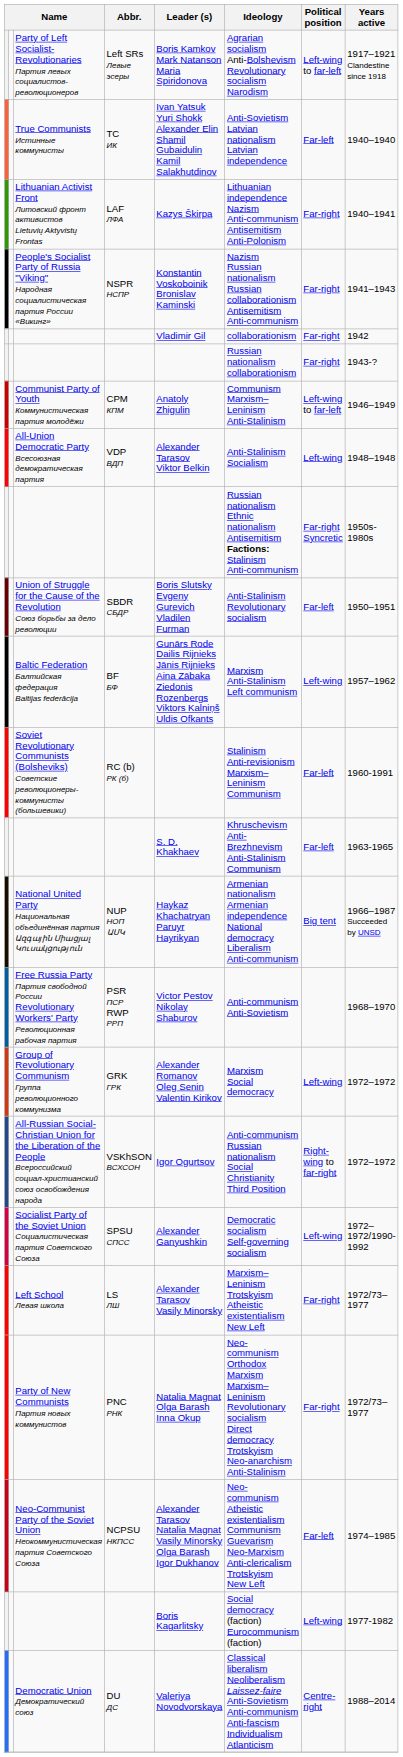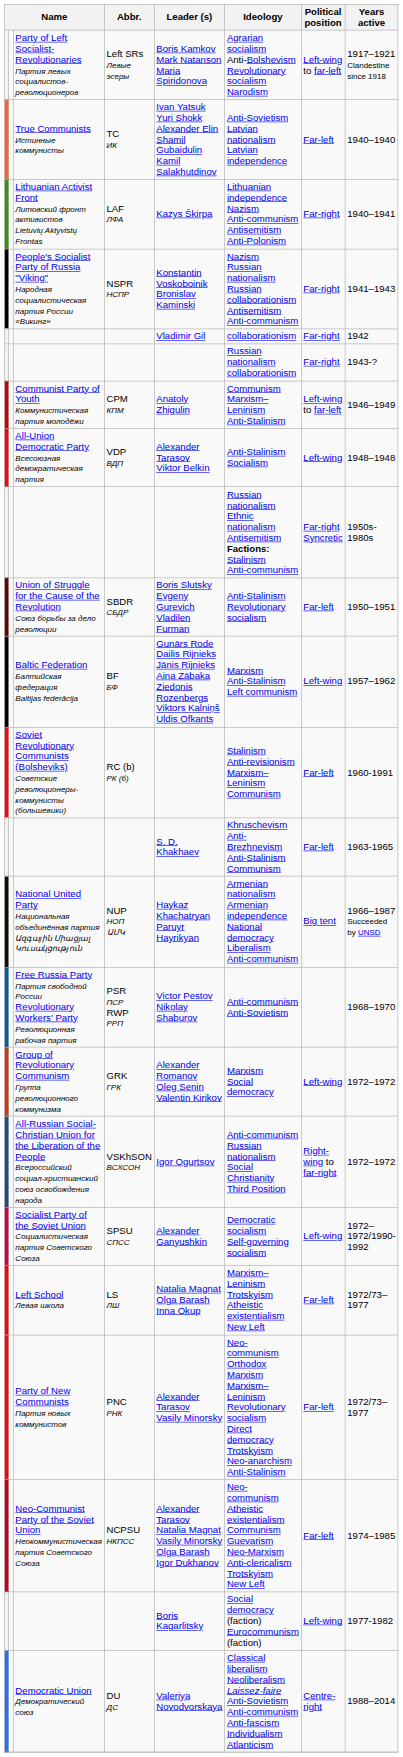 <table class="wikitable sortable">
 <tr>
 <th colspan=3>Name</th>
 <th>Abbr.</th>
 <th>Leader (s)</th>
 <th>Ideology</th>
 <th>Political position</th>
 <th>Years active</th>
 </tr>
 <tr>
 <th style="background:"></th>
 <td></td>
 <td><a href='#'>Party of Left Socialist-Revolutionaries</a><br><small><em>Партия левых социалистов-революционеров</em></small></td>
 <td>Left SRs<br><small><em>Левые эсеры</em></small></td>
 <td><a href='#'>Boris Kamkov</a><br><a href='#'>Mark Natanson</a><br><a href='#'>Maria Spiridonova</a></td>
 <td><a href='#'>Agrarian socialism</a><br>Anti-<a href='#'>Bolshevism</a><br><a href='#'>Revolutionary socialism</a><br><a href='#'>Narodism</a></td>
 <td><a href='#'>Left-wing</a> to <a href='#'>far-left</a></td>
 <td>1917–1921<br><small>Clandestine since 1918</small></td>
 </tr>
 <tr>
 <th style="background:#FB6239;"></th>
 <td></td>
 <td><a href='#'>True Communists</a><br><small><em>Истинные коммунисты</em></small></td>
 <td>TC<br><small><em>ИК</em></small></td>
 <td><a href='#'>Ivan Yatsuk</a><br><a href='#'>Yuri Shokk</a><br><a href='#'>Alexander Elin</a><br><a href='#'>Shamil Gubaidulin</a><br><a href='#'>Kamil Salakhutdinov</a></td>
 <td><a href='#'>Anti-Sovietism</a><br><a href='#'>Latvian</a> <a href='#'>nationalism</a><br><a href='#'>Latvian independence</a></td>
 <td><a href='#'>Far-left</a></td>
 <td>1940–1940</td>
 </tr>
 <tr>
 <th style="background:#309805;"></th>
 <td></td>
 <td><a href='#'>Lithuanian Activist Front</a><br><small><em>Литовский фронт активистов<br>Lietuvių Aktyvistų Frontas</em></small></td>
 <td>LAF<br><small><em>ЛФА</em></small></td>
 <td><a href='#'>Kazys Škirpa</a></td>
 <td><a href='#'>Lithuanian</a> <a href='#'>independence</a><br><a href='#'>Nazism</a><br><a href='#'>Anti-communism</a><br><a href='#'>Antisemitism</a><br><a href='#'>Anti-Polonism</a></td>
 <td><a href='#'>Far-right</a></td>
 <td>1940–1941</td>
 </tr>
 <tr>
 <th style="background:#000000;"></th>
 <td></td>
 <td><a href='#'>People's Socialist Party of Russia "Viking"</a><br><small><em>Народная социалистическая партия России «Викинг»</em></small></td>
 <td>NSPR<br><small><em>НСПР</em></small></td>
 <td><a href='#'>Konstantin Voskoboinik</a><br><a href='#'>Bronislav Kaminski</a></td>
 <td><a href='#'>Nazism</a><br><a href='#'>Russian nationalism</a><br><a href='#'>Russian collaborationism</a><br><a href='#'>Antisemitism</a><br><a href='#'>Anti-communism</a></td>
 <td><a href='#'>Far-right</a></td>
 <td>1941–1943</td>
 </tr>
 <tr>
 <th></th>
 <td></td>
 <td></td>
 <td></td>
 <td><a href='#'>Vladimir Gil</a></td>
 <td><a href='#'>collaborationism</a></td>
 <td><a href='#'>Far-right</a></td>
 <td>1942</td>
 </tr>
 <tr>
 <th></th>
 <td></td>
 <td></td>
 <td></td>
 <td></td>
 <td><a href='#'>Russian nationalism</a> <a href='#'>collaborationism</a></td>
 <td><a href='#'>Far-right</a></td>
 <td>1943-?</td>
 </tr>
 <tr>
 <th style="background:#CC0000;"></th>
 <td></td>
 <td><a href='#'>Communist Party of Youth</a><br><small><em>Коммунистическая партия молодёжи</em></small></td>
 <td>CPM<br><small><em>КПМ</em></small></td>
 <td><a href='#'>Anatoly Zhigulin</a></td>
 <td><a href='#'>Communism</a><br><a href='#'>Marxism–Leninism</a><br><a href='#'>Anti-Stalinism</a></td>
 <td><a href='#'>Left-wing</a> to <a href='#'>far-left</a></td>
 <td>1946–1949</td>
 </tr>
 <tr>
 <th style="background:#FF0004;"></th>
 <td></td>
 <td><a href='#'>All-Union Democratic Party</a><br><small><em>Всесоюзная демократическая партия</em></small></td>
 <td>VDP<br><small><em>ВДП</em></small></td>
 <td><a href='#'>Alexander Tarasov</a><br><a href='#'>Viktor Belkin</a></td>
 <td><a href='#'>Anti-Stalinism</a><br><a href='#'>Socialism</a></td>
 <td><a href='#'>Left-wing</a></td>
 <td>1948–1948</td>
 </tr>
 <tr>
 <th></th>
 <td></td>
 <td></td>
 <td></td>
 <td></td>
 <td><a href='#'>Russian nationalism</a><br><a href='#'>Ethnic nationalism</a><br><a href='#'>Antisemitism</a><br><strong>Factions:</strong><br><a href='#'>Stalinism</a><br><a href='#'>Anti-communism</a></td>
 <td><a href='#'>Far-right</a><br><a href='#'>Syncretic</a></td>
 <td>1950s-1980s</td>
 </tr>
 <tr>
 <th style="background:#660101;"></th>
 <td></td>
 <td><a href='#'>Union of Struggle for the Cause of the Revolution</a><br><small><em>Союз борьбы за дело революции</em></small></td>
 <td>SBDR<br><small><em>СБДР</em></small></td>
 <td><a href='#'>Boris Slutsky</a><br><a href='#'>Evgeny Gurevich</a><br><a href='#'>Vladilen Furman</a></td>
 <td><a href='#'>Anti-Stalinism</a><br><a href='#'>Revolutionary socialism</a></td>
 <td><a href='#'>Far-left</a></td>
 <td>1950–1951</td>
 </tr>
 <tr>
 <th style="background:#010101;"></th>
 <td></td>
 <td><a href='#'>Baltic Federation</a><br><small><em>Балтийская федерация<br>Baltijas federācija</em></small></td>
 <td>BF<br><small><em>БФ</em></small></td>
 <td><a href='#'>Gunārs Rode</a><br><a href='#'>Dailis Rijnieks</a><br><a href='#'>Jānis Rijnieks</a><br><a href='#'>Aina Zābaka</a><br><a href='#'>Ziedonis Rozenbergs</a><br><a href='#'>Viktors Kalniņš</a><br><a href='#'>Uldis Ofkants</a></td>
 <td><a href='#'>Marxism</a><br><a href='#'>Anti-Stalinism</a><br><a href='#'>Left communism</a></td>
 <td><a href='#'>Left-wing</a></td>
 <td>1957–1962</td>
 </tr>
 <tr>
 <th style="background:red;"></th>
 <td></td>
 <td><a href='#'>Soviet Revolutionary Communists (Bolsheviks)</a><br><small><em>Советские революционеры-коммунисты (большевики)</em></small></td>
 <td>RC (b)<br><small><em>РК (б)</em></small></td>
 <td></td>
 <td><a href='#'>Stalinism</a><br><a href='#'>Anti-revisionism</a><br><a href='#'>Marxism–Leninism</a><br><a href='#'>Communism</a></td>
 <td><a href='#'>Far-left</a></td>
 <td>1960-1991</td>
 </tr>
 <tr>
 <th></th>
 <td></td>
 <td> </td>
 <td></td>
 <td><a href='#'>S. D. Khakhaev</a><br></td>
 <td><a href='#'>Khruschevism</a><br><a href='#'>Anti-Brezhnevism</a><br><a href='#'>Anti-Stalinism</a><br><a href='#'>Communism</a></td>
 <td><a href='#'>Far-left</a></td>
 <td>1963-1965</td>
 </tr>
 <tr>
 <th style="background:#150D00;"></th>
 <td></td>
 <td><a href='#'>National United Party</a><br><small><em>Национальная объединённая партия<br>Ազգային Միացյալ Կուսակցություն</em></small></td>
 <td>NUP<br><small><em>НОП<br>ԱՄԿ</em></small></td>
 <td><a href='#'>Haykaz Khachatryan</a><br><a href='#'>Paruyr Hayrikyan</a></td>
 <td><a href='#'>Armenian nationalism</a><br><a href='#'>Armenian</a> <a href='#'>independence</a><br><a href='#'>National democracy</a><br><a href='#'>Liberalism</a><br><a href='#'>Anti-communism</a></td>
 <td><a href='#'>Big tent</a></td>
 <td>1966–1987<br><small>Succeeded by <a href='#'>UNSD</a></small></td>
 </tr>
 <tr>
 <th style="background:#005F9E;"></th>
 <td></td>
 <td><a href='#'>Free Russia Party</a><br><small><em>Партия свободной России</em></small><br><a href='#'>Revolutionary Workers' Party</a><br><small><em>Революционная рабочая партия</em></small></td>
 <td>PSR<br><small><em>ПСР</em></small><br>RWP<br><small><em>РРП</em></small></td>
 <td><a href='#'>Victor Pestov</a><br><a href='#'>Nikolay Shaburov</a></td>
 <td><a href='#'>Anti-communism</a><br><a href='#'>Anti-Sovietism</a></td>
 <td></td>
 <td>1968–1970</td>
 </tr>
 <tr>
 <th style="background:#D03811;"></th>
 <td></td>
 <td><a href='#'>Group of Revolutionary Communism</a><br><small><em>Группа революционного коммунизма</em></small></td>
 <td>GRK<br><small><em>ГРК</em></small></td>
 <td><a href='#'>Alexander Romanov</a><br><a href='#'>Oleg Senin</a><br><a href='#'>Valentin Kirikov</a></td>
 <td><a href='#'>Marxism</a><br><a href='#'>Social democracy</a></td>
 <td><a href='#'>Left-wing</a></td>
 <td>1972–1972</td>
 </tr>
 <tr>
 <th style="background:#224887;"></th>
 <td></td>
 <td><a href='#'>All-Russian Social-Christian Union for the Liberation of the People</a><br><small><em>Всероссийский социал-христианский союз освобождения народа</em></small></td>
 <td>VSKhSON<br><small><em>ВСХСОН</em></small></td>
 <td><a href='#'>Igor Ogurtsov</a></td>
 <td><a href='#'>Anti-communism</a><br><a href='#'>Russian nationalism</a><br><a href='#'>Social Christianity</a><br><a href='#'>Third Position</a></td>
 <td><a href='#'>Right-wing</a> to <a href='#'>far-right</a></td>
 <td>1972–1972</td>
 </tr>
 <tr>
 <th style="background:#D50043;"></th>
 <td></td>
 <td><a href='#'>Socialist Party of the Soviet Union</a><br><small><em>Социалистическая партия Советского Союза</em></small></td>
 <td>SPSU<br><small><em>СПСС</em></small></td>
 <td><a href='#'>Alexander Ganyushkin</a></td>
 <td><a href='#'>Democratic socialism</a><br><a href='#'>Self-governing socialism</a></td>
 <td><a href='#'>Left-wing</a></td>
 <td>1972–1972/1990-1992</td>
 </tr>
 <tr>
 <th style="background:#FF0000;"></th>
 <td></td>
 <td><a href='#'>Left School</a><br><small><em>Левая школа</em></small></td>
 <td>LS<br><small><em>ЛШ</em></small></td>
-<td><a href='#'>Alexander Tarasov</a><br><a href='#'>Vasily Minorsky</a></td>
+<td><a href='#'>Natalia Magnat</a><br><a href='#'>Olga Barash</a><br><a href='#'>Inna Okup</a></td>
 <td><a href='#'>Marxism–Leninism</a><br><a href='#'>Trotskyism</a><br><a href='#'>Atheistic existentialism</a><br><a href='#'>New Left</a></td>
-<td><a href='#'>Far-right</a></td>
+<td><a href='#'>Far-left</a></td>
 <td>1972/73–1977</td>
 </tr>
 <tr>
 <th style="background:#FF0000;"></th>
 <td></td>
 <td><a href='#'>Party of New Communists</a><br><small><em>Партия новых коммунистов</em></small></td>
 <td>PNC<br><small><em>РНК</em></small></td>
-<td><a href='#'>Natalia Magnat</a><br><a href='#'>Olga Barash</a><br><a href='#'>Inna Okup</a></td>
+<td><a href='#'>Alexander Tarasov</a><br><a href='#'>Vasily Minorsky</a></td>
 <td><a href='#'>Neo-communism</a><br><a href='#'>Orthodox Marxism</a><br><a href='#'>Marxism–Leninism</a><br><a href='#'>Revolutionary socialism</a><br><a href='#'>Direct democracy</a><br><a href='#'>Trotskyism</a><br><a href='#'>Neo-anarchism</a><br><a href='#'>Anti-Stalinism</a></td>
-<td><a href='#'>Far-right</a></td>
+<td><a href='#'>Far-left</a></td>
 <td>1972/73–1977</td>
 </tr>
 <tr>
 <th style="background:#C60017"></th>
 <td></td>
 <td><a href='#'>Neo-Communist Party of the Soviet Union</a><br><small><em>Неокоммунистическая партия Советского Союза</em></small></td>
 <td>NCPSU<br><small><em>НКПСС</em></small></td>
 <td><a href='#'>Alexander Tarasov</a><br><a href='#'>Natalia Magnat</a><br><a href='#'>Vasily Minorsky</a><br><a href='#'>Olga Barash</a><br><a href='#'>Igor Dukhanov</a></td>
 <td><a href='#'>Neo-communism</a><br><a href='#'>Atheistic existentialism</a><br><a href='#'>Communism</a><br><a href='#'>Guevarism</a><br><a href='#'>Neo-Marxism</a><br><a href='#'>Anti-clericalism</a><br><a href='#'>Trotskyism</a><br><a href='#'>New Left</a></td>
 <td><a href='#'>Far-left</a></td>
 <td>1974–1985</td>
 </tr>
 <tr>
 <th></th>
 <td></td>
 <td></td>
 <td></td>
 <td><a href='#'>Boris Kagarlitsky</a><br> </td>
 <td><a href='#'>Social democracy</a> (faction)<br><a href='#'>Eurocommunism</a> (faction)</td>
 <td><a href='#'>Left-wing</a></td>
 <td>1977-1982</td>
 </tr>
 <tr>
 <th style="background:#266DF8;"></th>
 <td></td>
 <td><a href='#'>Democratic Union</a><br><small><em>Демократический союз</em></small></td>
 <td>DU<br><small><em>ДС</em></small></td>
 <td><a href='#'>Valeriya Novodvorskaya</a></td>
 <td><a href='#'>Classical liberalism</a><br><a href='#'>Neoliberalism</a><br><em><a href='#'>Laissez-faire</a></em><br><a href='#'>Anti-Sovietism</a><br><a href='#'>Anti-communism</a><br><a href='#'>Anti-fascism</a><br><a href='#'>Individualism</a><br><a href='#'>Atlanticism</a></td>
 <td><a href='#'>Centre-right</a></td>
 <td>1988–2014</td>
 </tr>
 <tr>
 </tr>
 </table>
